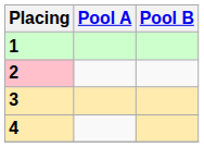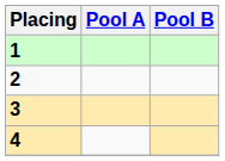 <table class=wikitable style="border:1px solid #AAAAAA;">
 <tr>
 <th>Placing</th>
 <th><a href='#'>Pool A</a></th>
 <th><a href='#'>Pool B</a></th>
 </tr>
 <tr style="background: #ccffcc;">
 <td><strong>1</strong></td>
 <td></td>
 <td></td>
 </tr>
 <tr>
-<td style="background: pink;"><strong>2</strong></td>
+<td><strong>2</strong></td>
 <td></td>
 <td></td>
 </tr>
 <tr style="background: #ffebad;">
 <td><strong>3</strong></td>
 <td></td>
 <td></td>
 </tr>
 <tr>
 <td style="background: #ffebad;"><strong>4</strong></td>
 <td> </td>
 <td style="background: #ffebad;"></td>
 </tr>
 <tr>
 </tr>
 </table>
